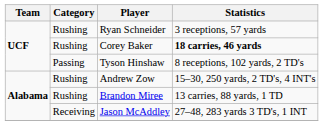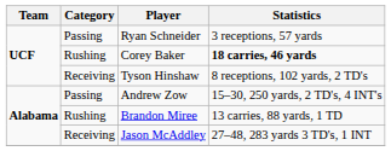 <table class="wikitable" style="float: right;">
 <tr>
 <th>Team</th>
 <th>Category</th>
 <th>Player</th>
 <th>Statistics</th>
 </tr>
 <tr>
 <td rowspan=3><strong>UCF</strong></td>
-<td>Rushing</td>
+<td>Passing</td>
 <td>Ryan Schneider</td>
 <td>3 receptions, 57 yards</td>
 </tr>
 <tr>
 <td>Rushing</td>
 <td>Corey Baker</td>
 <td><strong>18 carries, 46 yards</strong></td>
 </tr>
 <tr>
-<td>Passing</td>
+<td>Receiving</td>
 <td>Tyson Hinshaw</td>
 <td>8 receptions, 102 yards, 2 TD's</td>
 </tr>
 <tr>
 <td rowspan=3><strong>Alabama</strong></td>
-<td>Rushing</td>
+<td>Passing</td>
 <td>Andrew Zow</td>
 <td>15–30, 250 yards, 2 TD's, 4 INT's</td>
 </tr>
 <tr>
 <td>Rushing</td>
 <td><a href='#'>Brandon Miree</a></td>
 <td>13 carries, 88 yards, 1 TD</td>
 </tr>
 <tr>
 <td>Receiving</td>
 <td><a href='#'>Jason McAddley</a></td>
 <td>27–48, 283 yards 3 TD's, 1 INT</td>
 </tr>
 <tr>
 </tr>
 </table>
